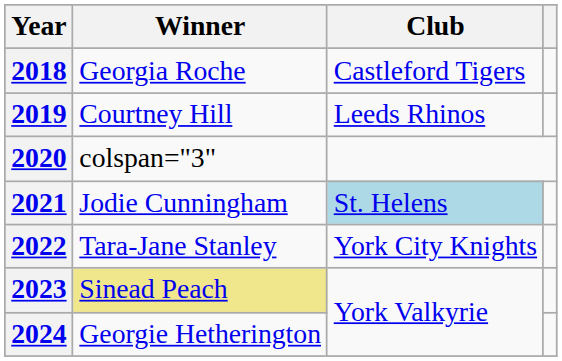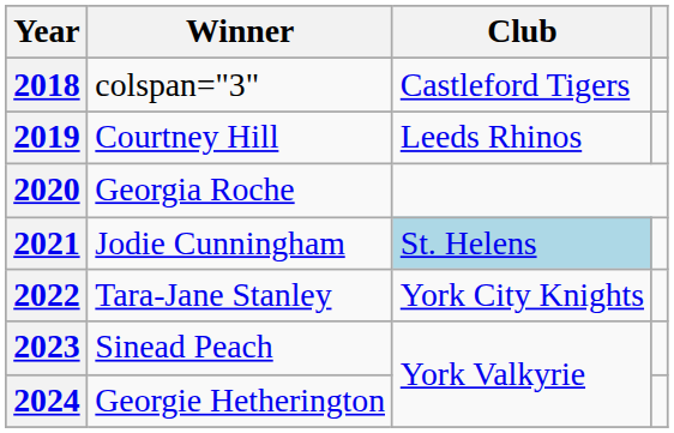 <table class="wikitable">
 <tr>
 <th scope="col">Year</th>
 <th scope="col">Winner</th>
 <th scope="col">Club</th>
 <th scope="col"></th>
 </tr>
 <tr>
 <th scope="row"><a href='#'>2018</a></th>
-<td><a href='#'>Georgia Roche</a></td>
+<td>colspan="3" </td>
 <td><a href='#'>Castleford Tigers</a></td>
 <td></td>
 </tr>
 <tr>
 <th scope="row"><a href='#'>2019</a></th>
 <td><a href='#'>Courtney Hill</a></td>
 <td><a href='#'>Leeds Rhinos</a></td>
 <td></td>
 </tr>
 <tr>
 <th scope="row"><a href='#'>2020</a></th>
-<td>colspan="3" </td>
+<td><a href='#'>Georgia Roche</a></td>
 </tr>
 <tr>
 <th scope="row"><a href='#'>2021</a></th>
 <td><a href='#'>Jodie Cunningham</a></td>
 <td style="background: lightblue;"><a href='#'>St. Helens</a></td>
 <td></td>
 </tr>
 <tr>
 <th scope="row"><a href='#'>2022</a></th>
 <td><a href='#'>Tara-Jane Stanley</a></td>
 <td><a href='#'>York City Knights</a></td>
 <td></td>
 </tr>
 <tr>
 <th scope="row"><a href='#'>2023</a></th>
-<td style="background: khaki;"><a href='#'>Sinead Peach</a></td>
+<td><a href='#'>Sinead Peach</a></td>
 <td Rowspan=2><a href='#'>York Valkyrie</a></td>
 <td></td>
 </tr>
 <tr>
 <th scope="row"><a href='#'>2024</a></th>
 <td><a href='#'>Georgie Hetherington</a></td>
 <td></td>
 </tr>
 </table>
